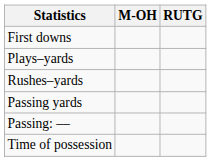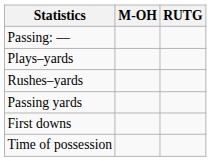 <table class="wikitable" style="float:left">
 <tr>
 <th>Statistics</th>
 <th>M-OH</th>
 <th>RUTG</th>
 </tr>
 <tr>
-<td>First downs</td>
+<td>Passing: ––</td>
 <td></td>
 <td></td>
 </tr>
 <tr>
 <td>Plays–yards</td>
 <td></td>
 <td></td>
 </tr>
 <tr>
 <td>Rushes–yards</td>
 <td></td>
 <td></td>
 </tr>
 <tr>
 <td>Passing yards</td>
 <td></td>
 <td></td>
 </tr>
 <tr>
-<td>Passing: ––</td>
+<td>First downs</td>
 <td></td>
 <td></td>
 </tr>
 <tr>
 <td>Time of possession</td>
 <td></td>
 <td></td>
 </tr>
 </table>
